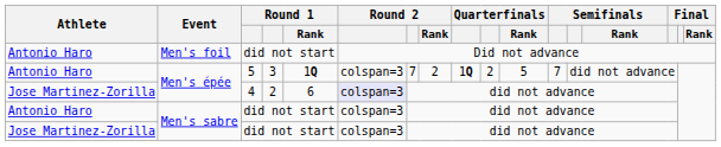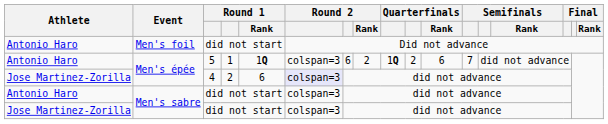 <table class="wikitable" style="font-size:90%">
 <tr>
 <th rowspan=2>Athlete</th>
 <th rowspan=2>Event</th>
 <th colspan=3>Round 1</th>
 <th colspan=3>Round 2</th>
 <th colspan=3>Quarterfinals</th>
 <th colspan=3>Semifinals</th>
 <th colspan=3>Final</th>
 </tr>
 <tr style="font-size:95%">
 <th></th>
 <th></th>
 <th>Rank</th>
 <th></th>
 <th></th>
 <th>Rank</th>
 <th></th>
 <th></th>
 <th>Rank</th>
 <th></th>
 <th></th>
 <th>Rank</th>
 <th></th>
 <th></th>
 <th>Rank</th>
 </tr>
 <tr align=center>
 <td align=left><a href='#'>Antonio Haro</a></td>
 <td align=left><a href='#'>Men's foil</a></td>
 <td colspan=3>did not start</td>
 <td colspan=12>Did not advance</td>
 </tr>
 <tr align=center>
 <td align=left><a href='#'>Antonio Haro</a></td>
 <td align=left rowspan=2><a href='#'>Men's épée</a></td>
 <td>5</td>
-<td>3</td>
+<td>1</td>
 <td>1<strong>Q</strong></td>
 <td>colspan=3 </td>
-<td>7</td>
+<td>6</td>
 <td>2</td>
 <td>1<strong>Q</strong></td>
 <td>2</td>
-<td>5</td>
+<td>6</td>
 <td>7</td>
 <td colspan=3>did not advance</td>
 </tr>
 <tr align=center>
 <td align=left><a href='#'>Jose Martinez-Zorilla</a></td>
 <td>4</td>
 <td>2</td>
 <td>6</td>
 <td style="background: lavender;">colspan=3 </td>
 <td colspan=9>did not advance</td>
 </tr>
 <tr align=center>
 <td align=left><a href='#'>Antonio Haro</a></td>
 <td align=left rowspan=2><a href='#'>Men's sabre</a></td>
 <td colspan=3>did not start</td>
 <td>colspan=3 </td>
 <td colspan=9>did not advance</td>
 </tr>
 <tr align=center>
 <td align=left><a href='#'>Jose Martinez-Zorilla</a></td>
 <td colspan=3>did not start</td>
 <td>colspan=3 </td>
 <td colspan=9>did not advance</td>
 </tr>
 </table>
